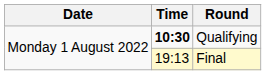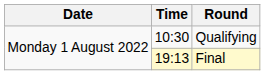 <table class="wikitable">
 <tr>
 <th>Date</th>
 <th>Time</th>
 <th>Round</th>
 </tr>
 <tr>
 <td rowspan=2>Monday 1 August 2022</td>
-<td><strong>10:30</strong></td>
+<td>10:30</td>
 <td>Qualifying</td>
 </tr>
 <tr>
 <td style=background:lemonchiffon>19:13</td>
 <td style=background:lemonchiffon>Final</td>
 </tr>
 </table>
